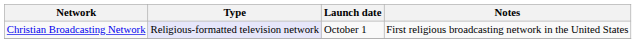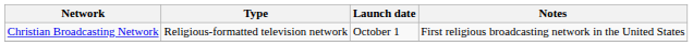 <table class="wikitable sortable">
 <tr>
 <th>Network</th>
 <th>Type</th>
 <th>Launch date</th>
 <th>Notes</th>
 </tr>
 <tr>
 <td><a href='#'>Christian Broadcasting Network</a></td>
-<td style="background: lavender;">Religious-formatted television network</td>
+<td>Religious-formatted television network</td>
 <td>October 1</td>
 <td>First religious broadcasting network in the United States</td>
 </tr>
 <tr>
 </tr>
 </table>
